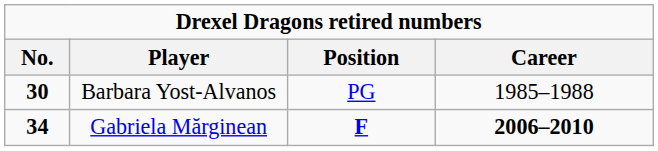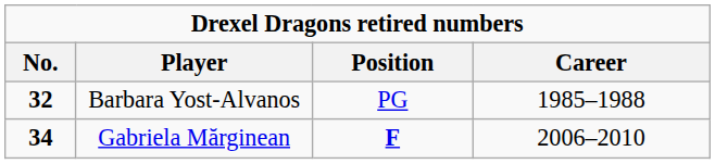 <table class="wikitable sortable" style="text-align:center">
 <tr>
 <td colspan="5"><strong>Drexel Dragons retired numbers</strong></td>
 </tr>
 <tr>
 <th width=40px>No.</th>
 <th width=150px>Player</th>
 <th width=100px>Position</th>
 <th width=150px>Career</th>
 </tr>
 <tr>
-<td><strong>30</strong></td>
+<td><strong>32</strong></td>
 <td>Barbara Yost-Alvanos</td>
 <td><a href='#'>PG</a></td>
 <td>1985–1988</td>
 </tr>
 <tr>
 <td><strong>34</strong></td>
 <td><a href='#'>Gabriela Mărginean</a></td>
 <td><strong><a href='#'>F</a></strong></td>
-<td><strong>2006–2010</strong></td>
+<td>2006–2010</td>
 </tr>
 </table>
